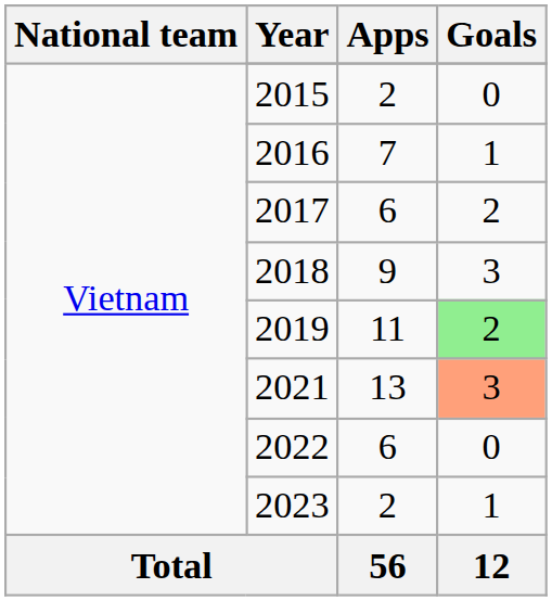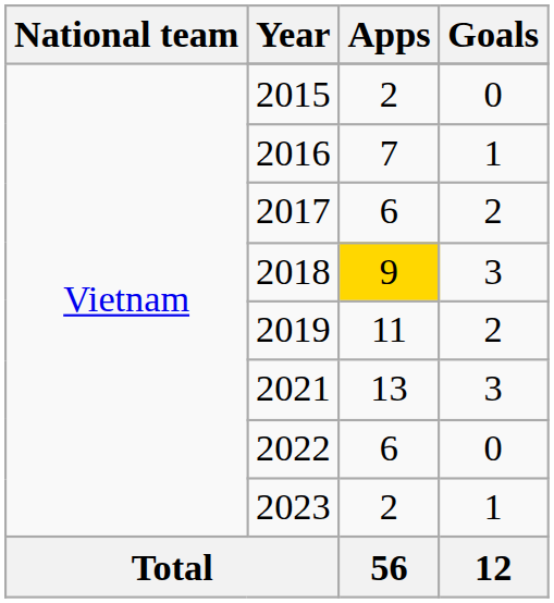 <table class="wikitable" style="text-align:center">
 <tr>
 <th>National team</th>
 <th>Year</th>
 <th>Apps</th>
 <th>Goals</th>
 </tr>
 <tr>
 <td rowspan=9><a href='#'>Vietnam</a></td>
 </tr>
 <tr>
 <td>2015</td>
 <td>2</td>
 <td>0</td>
 </tr>
 <tr>
 <td>2016</td>
 <td>7</td>
 <td>1</td>
 </tr>
 <tr>
 <td>2017</td>
 <td>6</td>
 <td>2</td>
 </tr>
 <tr>
 <td>2018</td>
-<td>9</td>
+<td style="background: gold;">9</td>
 <td>3</td>
 </tr>
 <tr>
 <td>2019</td>
 <td>11</td>
-<td style="background: lightgreen;">2</td>
+<td>2</td>
 </tr>
 <tr>
 <td>2021</td>
 <td>13</td>
-<td style="background: lightsalmon;">3</td>
+<td>3</td>
 </tr>
 <tr>
 <td>2022</td>
 <td>6</td>
 <td>0</td>
 </tr>
 <tr>
 <td>2023</td>
 <td>2</td>
 <td>1</td>
 </tr>
 <tr>
 <th colspan="2">Total</th>
 <th>56</th>
 <th>12</th>
 </tr>
 </table>
